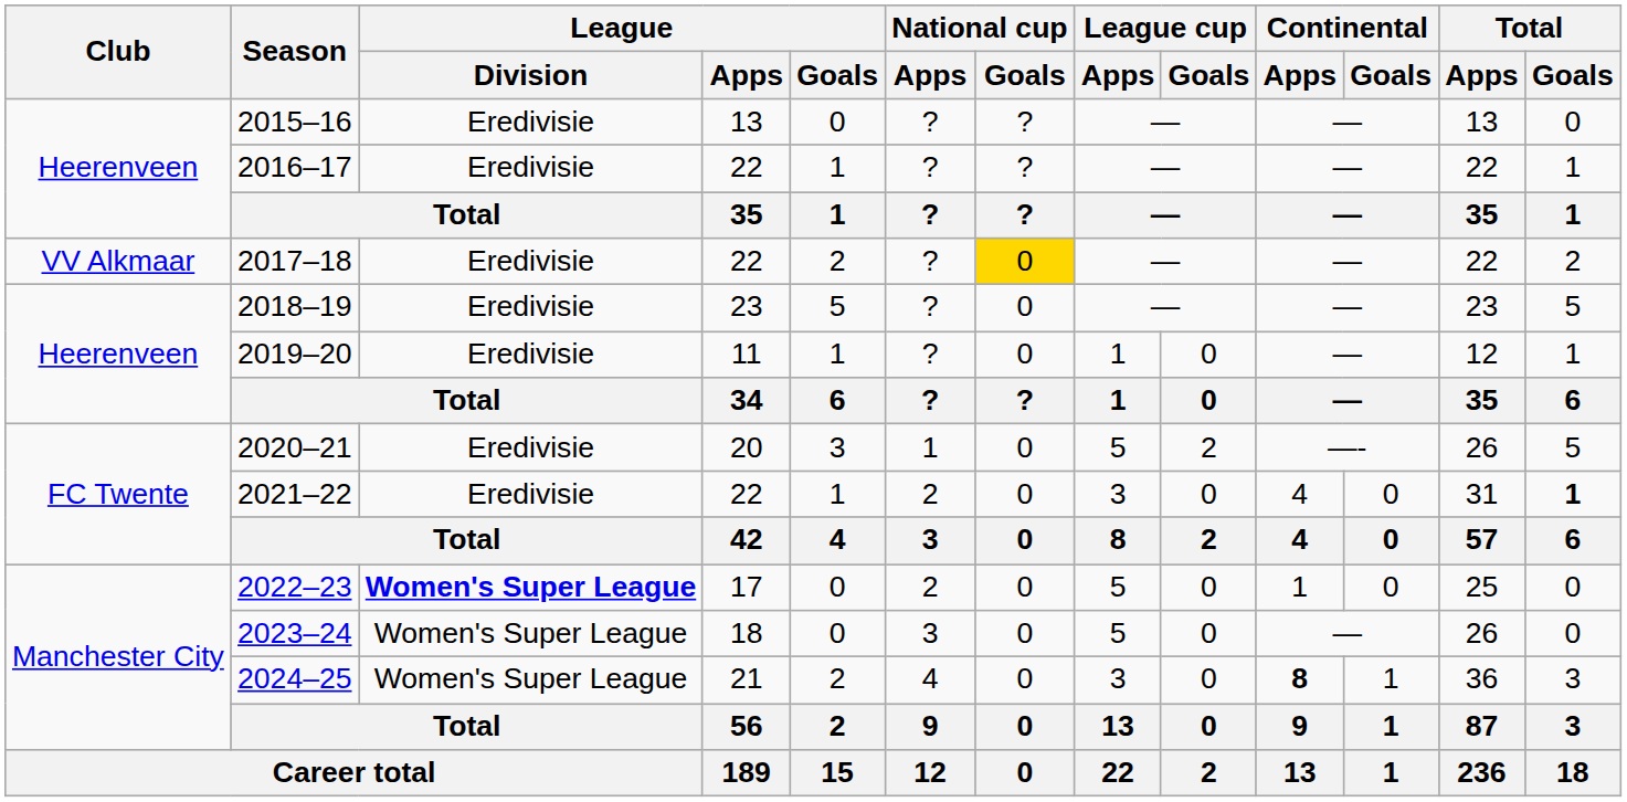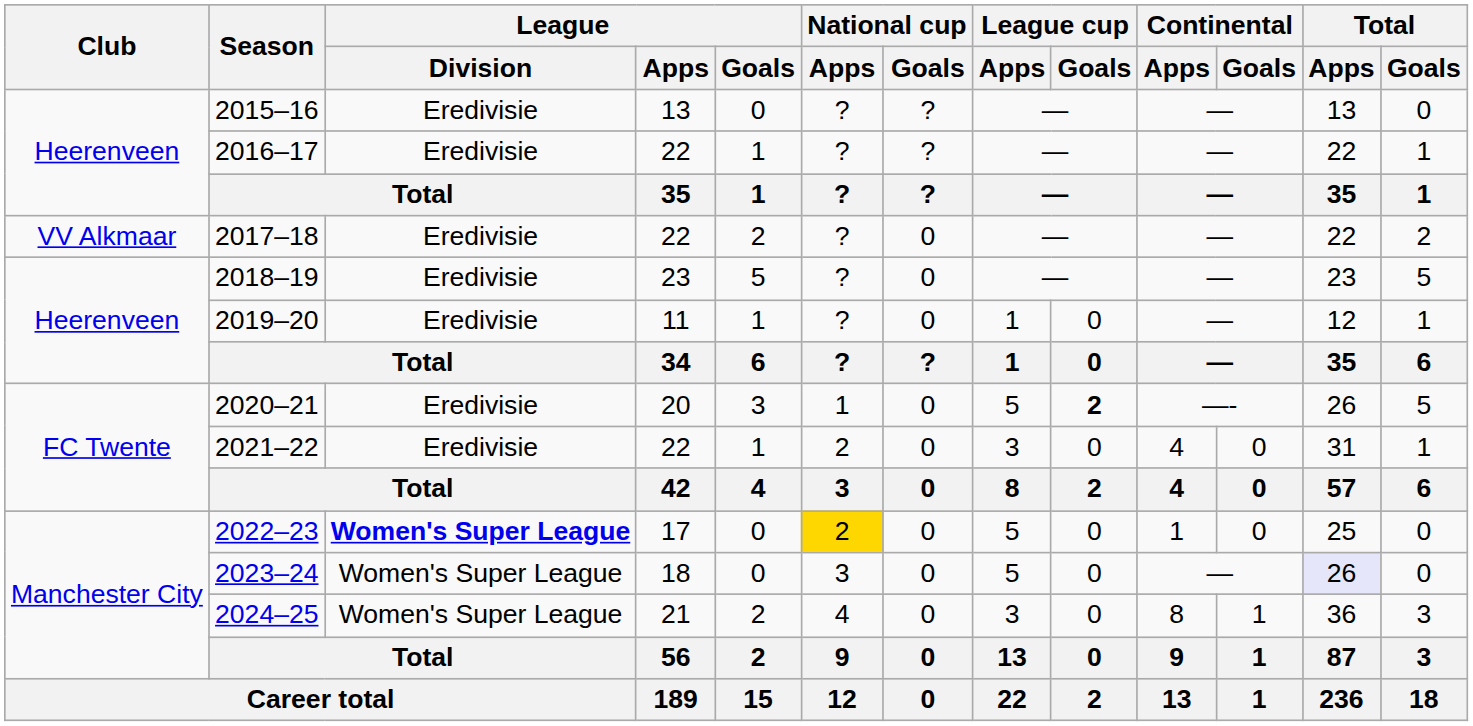 <table class="wikitable" style="text-align:center">
 <tr>
 <th rowspan="2">Club</th>
 <th rowspan="2">Season</th>
 <th colspan="3">League</th>
 <th colspan="2">National cup</th>
 <th colspan="2">League cup</th>
 <th colspan="2">Continental</th>
 <th colspan="2">Total</th>
 </tr>
 <tr>
 <th>Division</th>
 <th>Apps</th>
 <th>Goals</th>
 <th>Apps</th>
 <th>Goals</th>
 <th>Apps</th>
 <th>Goals</th>
 <th>Apps</th>
 <th>Goals</th>
 <th>Apps</th>
 <th>Goals</th>
 </tr>
 <tr>
 <td rowspan="3"><a href='#'>Heerenveen</a></td>
 <td>2015–16</td>
 <td>Eredivisie</td>
 <td>13</td>
 <td>0</td>
 <td>?</td>
 <td>?</td>
 <td colspan="2">—</td>
 <td colspan="2">—</td>
 <td>13</td>
 <td>0</td>
 </tr>
 <tr>
 <td>2016–17</td>
 <td>Eredivisie</td>
 <td>22</td>
 <td>1</td>
 <td>?</td>
 <td>?</td>
 <td colspan="2">—</td>
 <td colspan="2">—</td>
 <td>22</td>
 <td>1</td>
 </tr>
 <tr>
 <th colspan="2">Total</th>
 <th>35</th>
 <th>1</th>
 <th>?</th>
 <th>?</th>
 <th colspan="2">—</th>
 <th colspan="2">—</th>
 <th>35</th>
 <th>1</th>
 </tr>
 <tr>
 <td><a href='#'>VV Alkmaar</a></td>
 <td>2017–18</td>
 <td>Eredivisie</td>
 <td>22</td>
 <td>2</td>
 <td>?</td>
-<td style="background: gold;">0</td>
+<td>0</td>
 <td colspan="2">—</td>
 <td colspan="2">—</td>
 <td>22</td>
 <td>2</td>
 </tr>
 <tr>
 <td rowspan="3"><a href='#'>Heerenveen</a></td>
 <td>2018–19</td>
 <td>Eredivisie</td>
 <td>23</td>
 <td>5</td>
 <td>?</td>
 <td>0</td>
 <td colspan="2">—</td>
 <td colspan="2">—</td>
 <td>23</td>
 <td>5</td>
 </tr>
 <tr>
 <td>2019–20</td>
 <td>Eredivisie</td>
 <td>11</td>
 <td>1</td>
 <td>?</td>
 <td>0</td>
 <td>1</td>
 <td>0</td>
 <td colspan="2">—</td>
 <td>12</td>
 <td>1</td>
 </tr>
 <tr>
 <th colspan="2">Total</th>
 <th>34</th>
 <th>6</th>
 <th>?</th>
 <th>?</th>
 <th>1</th>
 <th>0</th>
 <th colspan="2">—</th>
 <th>35</th>
 <th>6</th>
 </tr>
 <tr>
 <td rowspan="3"><a href='#'>FC Twente</a></td>
 <td>2020–21</td>
 <td>Eredivisie</td>
 <td>20</td>
 <td>3</td>
 <td>1</td>
 <td>0</td>
 <td>5</td>
-<td>2</td>
+<td><strong>2</strong></td>
 <td colspan="2">—-</td>
 <td>26</td>
 <td>5</td>
 </tr>
 <tr>
 <td>2021–22</td>
 <td>Eredivisie</td>
 <td>22</td>
 <td>1</td>
 <td>2</td>
 <td>0</td>
 <td>3</td>
 <td>0</td>
 <td>4</td>
 <td>0</td>
 <td>31</td>
-<td><strong>1</strong></td>
+<td>1</td>
 </tr>
 <tr>
 <th colspan="2">Total</th>
 <th>42</th>
 <th>4</th>
 <th>3</th>
 <th>0</th>
 <th>8</th>
 <th>2</th>
 <th>4</th>
 <th>0</th>
 <th>57</th>
 <th>6</th>
 </tr>
 <tr>
 <td rowspan="4"><a href='#'>Manchester City</a></td>
 <td><a href='#'>2022–23</a></td>
 <td><strong><a href='#'>Women's Super League</a></strong></td>
 <td>17</td>
 <td>0</td>
-<td>2</td>
+<td style="background: gold;">2</td>
 <td>0</td>
 <td>5</td>
 <td>0</td>
 <td>1</td>
 <td>0</td>
 <td>25</td>
 <td>0</td>
 </tr>
 <tr>
 <td><a href='#'>2023–24</a></td>
 <td>Women's Super League</td>
 <td>18</td>
 <td>0</td>
 <td>3</td>
 <td>0</td>
 <td>5</td>
 <td>0</td>
 <td colspan="2">—</td>
-<td>26</td>
+<td style="background: lavender;">26</td>
 <td>0</td>
 </tr>
 <tr>
 <td><a href='#'>2024–25</a></td>
 <td>Women's Super League</td>
 <td>21</td>
 <td>2</td>
 <td>4</td>
 <td>0</td>
 <td>3</td>
 <td>0</td>
-<td><strong>8</strong></td>
+<td>8</td>
 <td>1</td>
 <td>36</td>
 <td>3</td>
 </tr>
 <tr>
 <th colspan="2">Total</th>
 <th>56</th>
 <th>2</th>
 <th>9</th>
 <th>0</th>
 <th>13</th>
 <th>0</th>
 <th>9</th>
 <th>1</th>
 <th>87</th>
 <th>3</th>
 </tr>
 <tr>
 <th colspan="3">Career total</th>
 <th>189</th>
 <th>15</th>
 <th>12</th>
 <th>0</th>
 <th>22</th>
 <th>2</th>
 <th>13</th>
 <th>1</th>
 <th>236</th>
 <th>18</th>
 </tr>
 </table>
